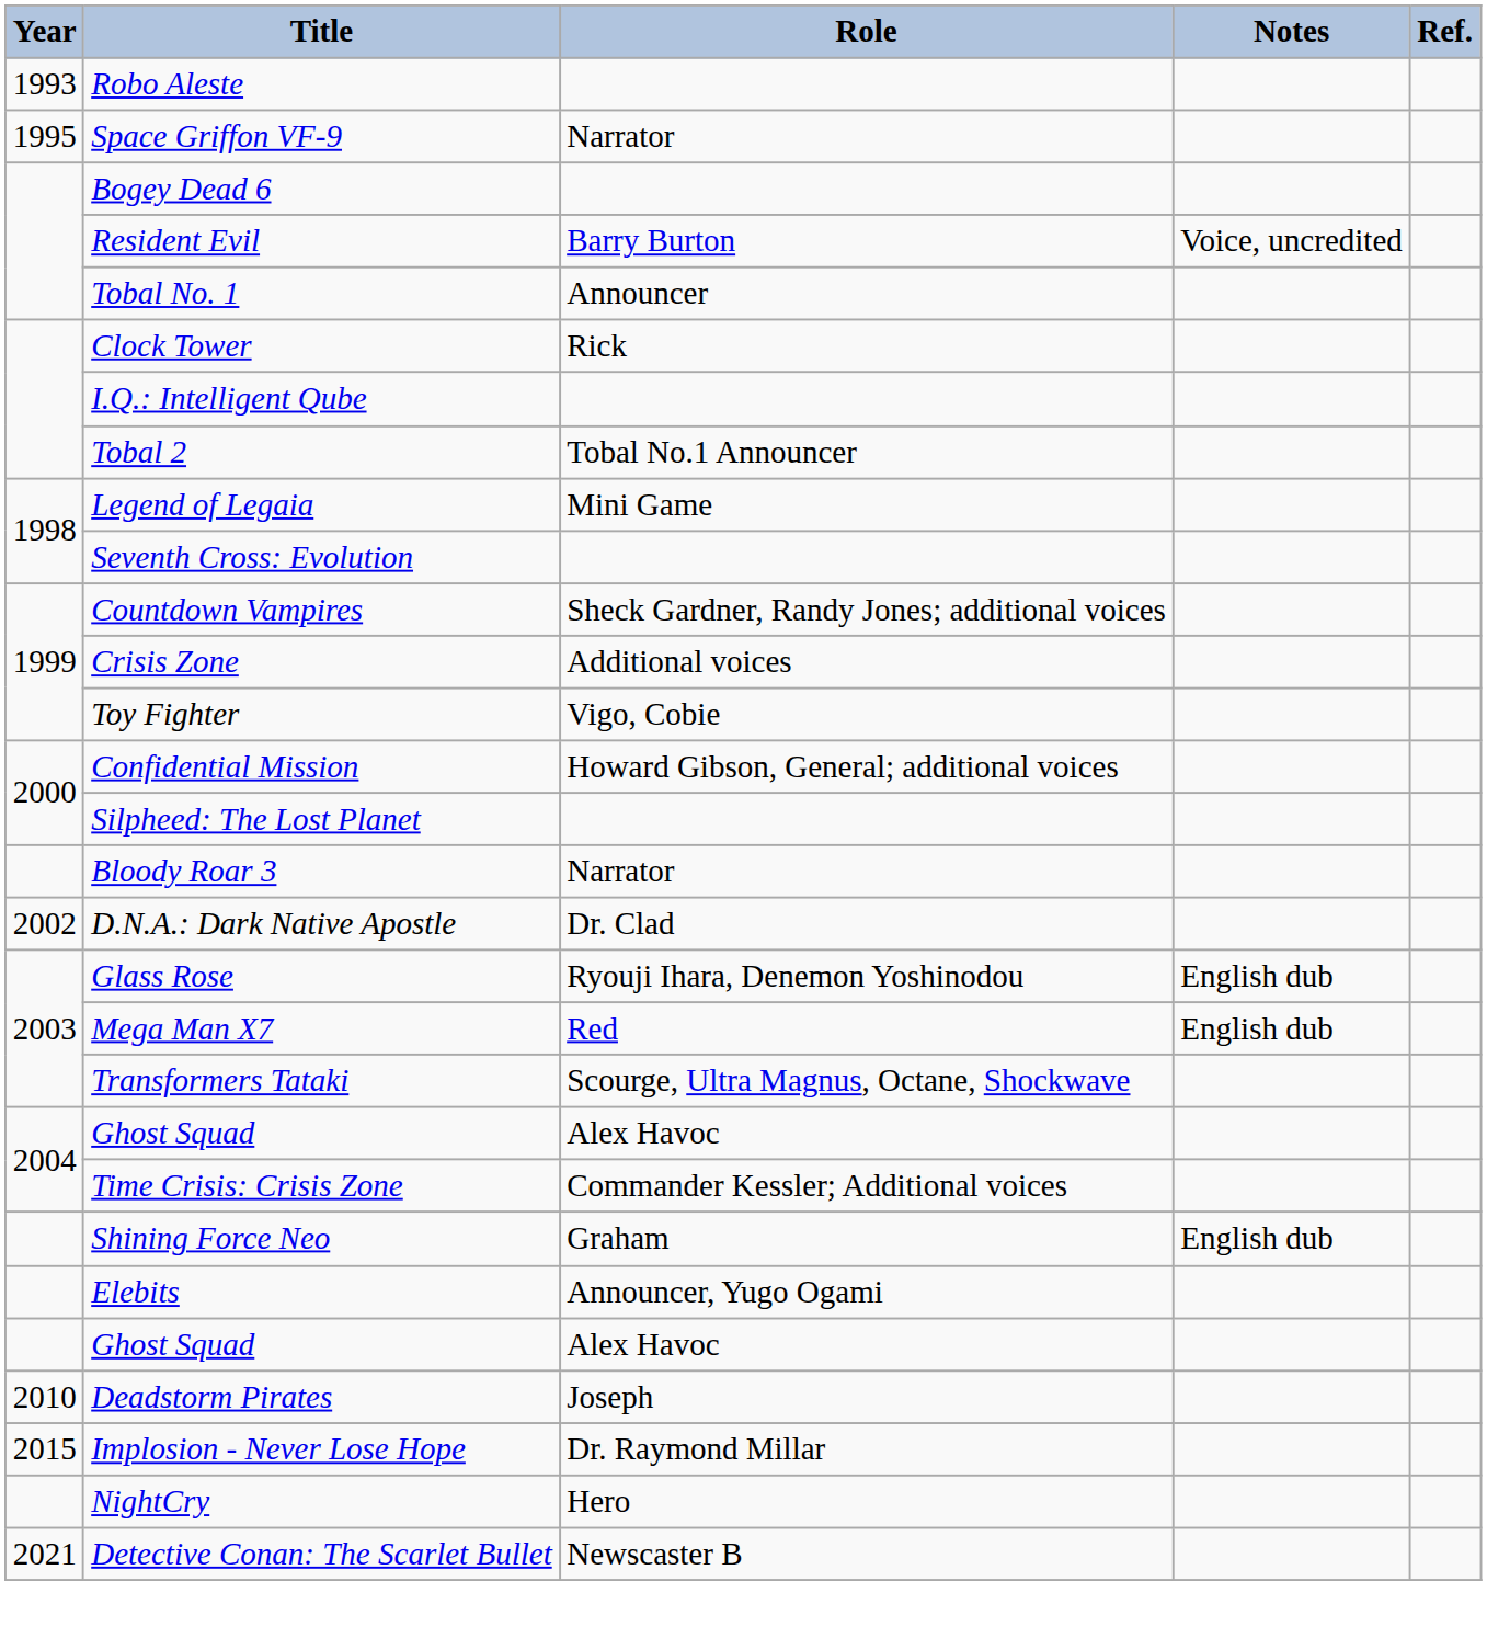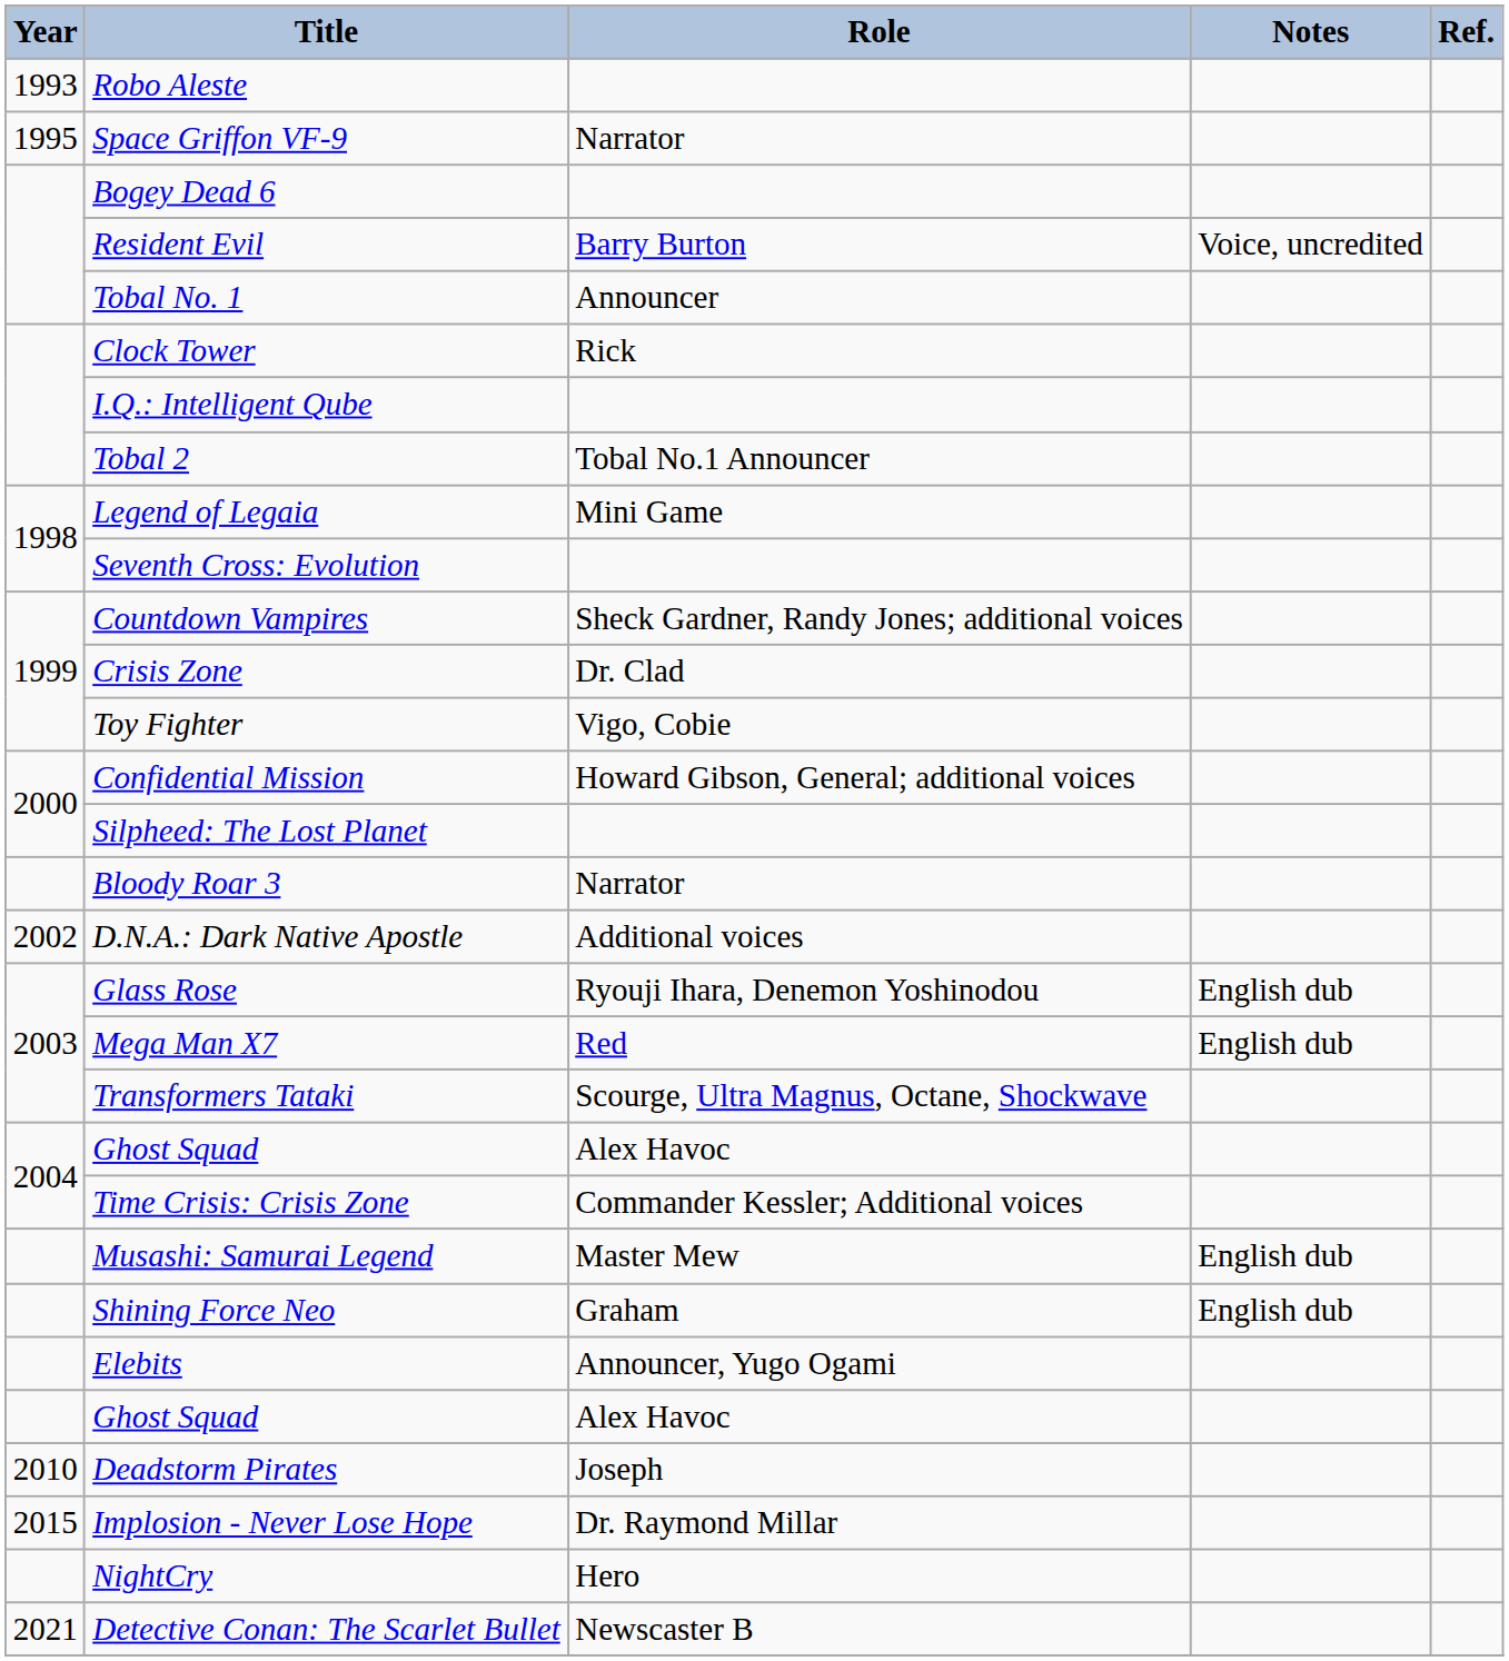 <table class="wikitable sortable plainrowheaders" style="width=95%;  font-size: 95%;">
 <tr>
 <th style="background:#b0c4de">Year</th>
 <th style="background:#b0c4de">Title</th>
 <th style="background:#b0c4de">Role</th>
 <th style="background:#b0c4de">Notes</th>
 <th style="background:#b0c4de">Ref.</th>
 </tr>
 <tr>
 <td>1993</td>
 <td><em><a href='#'>Robo Aleste</a></em></td>
 <td></td>
 <td></td>
 <td></td>
 </tr>
 <tr>
 <td>1995</td>
 <td><em><a href='#'>Space Griffon VF-9</a></em></td>
 <td>Narrator</td>
 <td></td>
 <td></td>
 </tr>
 <tr>
 <td rowspan="3"></td>
 <td><em><a href='#'>Bogey Dead 6</a></em></td>
 <td></td>
 <td></td>
 <td></td>
 </tr>
 <tr>
 <td><em><a href='#'>Resident Evil</a></em></td>
 <td><a href='#'>Barry Burton</a></td>
 <td>Voice, uncredited</td>
 <td></td>
 </tr>
 <tr>
 <td><em><a href='#'>Tobal No. 1</a></em></td>
 <td>Announcer</td>
 <td></td>
 <td></td>
 </tr>
 <tr>
 <td rowspan="3"></td>
 <td><em><a href='#'>Clock Tower</a></em></td>
 <td>Rick</td>
 <td></td>
 <td></td>
 </tr>
 <tr>
 <td><em><a href='#'>I.Q.: Intelligent Qube</a></em></td>
 <td></td>
 <td></td>
 <td></td>
 </tr>
 <tr>
 <td><em><a href='#'>Tobal 2</a></em></td>
 <td>Tobal No.1 Announcer</td>
 <td></td>
 <td></td>
 </tr>
 <tr>
 <td rowspan="2">1998</td>
 <td><em><a href='#'>Legend of Legaia</a></em></td>
 <td>Mini Game</td>
 <td></td>
 <td></td>
 </tr>
 <tr>
 <td><em><a href='#'>Seventh Cross: Evolution</a></em></td>
 <td></td>
 <td></td>
 <td></td>
 </tr>
 <tr>
 <td rowspan="3">1999</td>
 <td><em><a href='#'>Countdown Vampires</a></em></td>
 <td>Sheck Gardner, Randy Jones; additional voices</td>
 <td></td>
 <td></td>
 </tr>
 <tr>
 <td><em><a href='#'>Crisis Zone</a></em></td>
-<td>Additional voices</td>
+<td>Dr. Clad</td>
 <td></td>
 <td></td>
 </tr>
 <tr>
 <td><em>Toy Fighter</em></td>
 <td>Vigo, Cobie</td>
 <td></td>
 <td></td>
 </tr>
 <tr>
 <td rowspan="2">2000</td>
 <td><em><a href='#'>Confidential Mission</a></em></td>
 <td>Howard Gibson, General; additional voices</td>
 <td></td>
 <td></td>
 </tr>
 <tr>
 <td><em><a href='#'>Silpheed: The Lost Planet</a></em></td>
 <td></td>
 <td></td>
 <td></td>
 </tr>
 <tr>
 <td></td>
 <td><em><a href='#'>Bloody Roar 3</a></em></td>
 <td>Narrator</td>
 <td></td>
 <td></td>
 </tr>
 <tr>
 <td>2002</td>
 <td><em>D.N.A.: Dark Native Apostle</em></td>
-<td>Dr. Clad</td>
+<td>Additional voices</td>
 <td></td>
 <td></td>
 </tr>
 <tr>
 <td rowspan="3">2003</td>
 <td><em><a href='#'>Glass Rose</a></em></td>
 <td>Ryouji Ihara, Denemon Yoshinodou</td>
 <td>English dub</td>
 <td></td>
 </tr>
 <tr>
 <td><em><a href='#'>Mega Man X7</a></em></td>
 <td><a href='#'>Red</a></td>
 <td>English dub</td>
 <td></td>
 </tr>
 <tr>
 <td><em><a href='#'>Transformers Tataki</a></em></td>
 <td>Scourge, <a href='#'>Ultra Magnus</a>, Octane, <a href='#'>Shockwave</a></td>
 <td></td>
 <td></td>
 </tr>
 <tr>
 <td rowspan="2">2004</td>
 <td><em><a href='#'>Ghost Squad</a></em></td>
 <td>Alex Havoc</td>
 <td></td>
 <td></td>
 </tr>
 <tr>
 <td><em><a href='#'>Time Crisis: Crisis Zone</a></em></td>
 <td>Commander Kessler; Additional voices</td>
 <td></td>
+<td></td>
+</tr>
+<tr>
+<td></td>
+<td><em><a href='#'>Musashi: Samurai Legend</a></em></td>
+<td>Master Mew</td>
+<td>English dub</td>
 <td></td>
 </tr>
 <tr>
 <td></td>
 <td><em><a href='#'>Shining Force Neo</a></em></td>
 <td>Graham</td>
 <td>English dub</td>
 <td></td>
 </tr>
 <tr>
 <td></td>
 <td><em><a href='#'>Elebits</a></em></td>
 <td>Announcer, Yugo Ogami</td>
 <td></td>
 <td></td>
 </tr>
 <tr>
 <td></td>
 <td><em><a href='#'>Ghost Squad</a></em></td>
 <td>Alex Havoc</td>
 <td></td>
 <td></td>
 </tr>
 <tr>
 <td>2010</td>
 <td><em><a href='#'>Deadstorm Pirates</a></em></td>
 <td>Joseph</td>
 <td></td>
 <td></td>
 </tr>
 <tr>
 <td>2015</td>
 <td><em><a href='#'>Implosion - Never Lose Hope</a></em></td>
 <td>Dr. Raymond Millar</td>
 <td></td>
 <td></td>
 </tr>
 <tr>
 <td></td>
 <td><em><a href='#'>NightCry</a></em></td>
 <td>Hero</td>
 <td></td>
 <td></td>
 </tr>
 <tr>
 <td>2021</td>
 <td><em><a href='#'>Detective Conan: The Scarlet Bullet</a></em></td>
 <td>Newscaster B</td>
 <td></td>
 <td></td>
 </tr>
 <tr>
 </tr>
 </table>
